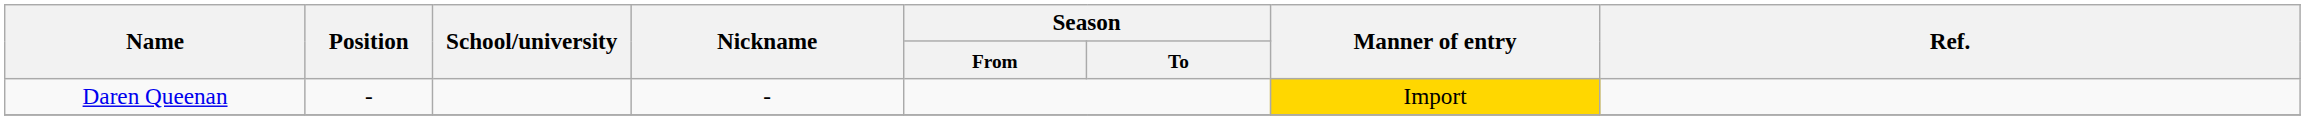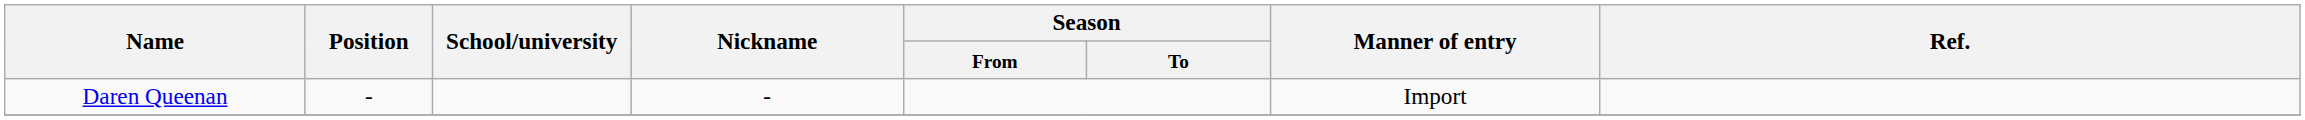 <table class="wikitable sortable" style="text-align:center" width="100%">
 <tr>
 <th style="width:200px;" rowspan="2">Name</th>
 <th style="width:80px;" rowspan="2">Position</th>
 <th style="width:130px;" rowspan="2">School/university</th>
 <th style="width:180px;" rowspan="2">Nickname</th>
 <th style="width:130px; text-align:center;" colspan="2">Season</th>
 <th style="width:220px; text-align:center;" rowspan="2">Manner of entry</th>
 <th rowspan="2" class=unsortable>Ref.</th>
 </tr>
 <tr>
 <th style="width:8%; text-align:center;"><small>From</small></th>
 <th style="width:8%; text-align:center;"><small>To</small></th>
 </tr>
 <tr>
 <td><a href='#'>Daren Queenan</a></td>
 <td>-</td>
 <td></td>
 <td>-</td>
 <td colspan="2"></td>
-<td style="background: gold;">Import</td>
+<td>Import</td>
 <td></td>
 </tr>
 <tr>
 </tr>
 </table>
